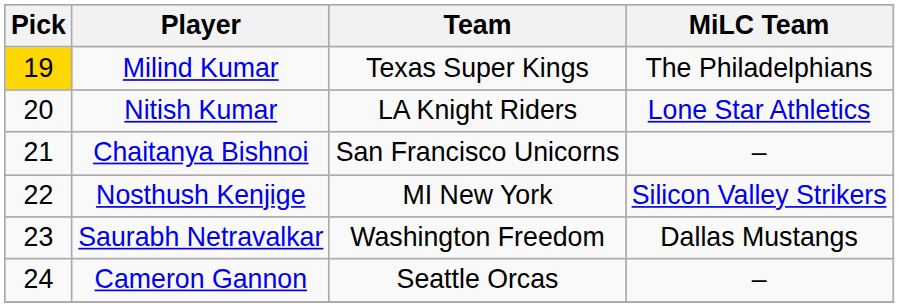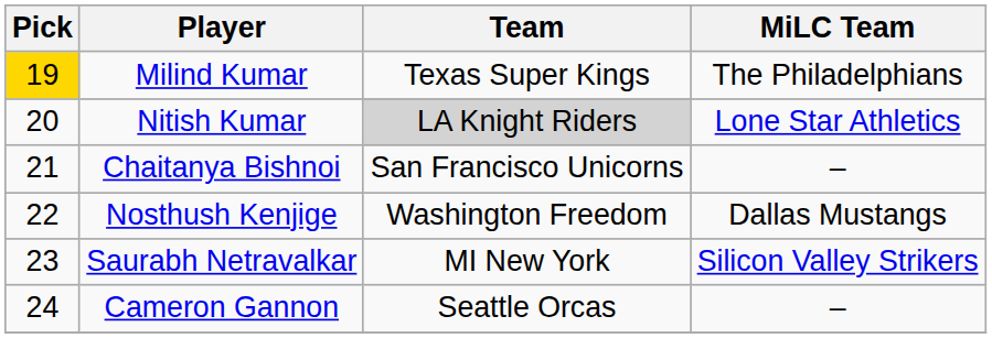 <table class="wikitable plainrowheaders" style="text-align:center;">
 <tr>
 <th scope="col">Pick</th>
 <th scope="col">Player</th>
 <th scope="col">Team</th>
 <th scope="col">MiLC Team</th>
 </tr>
 <tr>
 <td scope="row" style="background: gold;">19</td>
 <td><a href='#'>Milind Kumar</a></td>
 <td>Texas Super Kings</td>
 <td>The Philadelphians</td>
 </tr>
 <tr>
 <td scope="row">20</td>
 <td><a href='#'>Nitish Kumar</a></td>
-<td>LA Knight Riders</td>
+<td style="background: lightgrey;">LA Knight Riders</td>
 <td><a href='#'>Lone Star Athletics</a></td>
 </tr>
 <tr>
 <td scope="row">21</td>
 <td><a href='#'>Chaitanya Bishnoi</a></td>
 <td>San Francisco Unicorns</td>
 <td align=center>–</td>
 </tr>
 <tr>
 <td scope="row">22</td>
 <td><a href='#'>Nosthush Kenjige</a></td>
-<td>MI New York</td>
-<td><a href='#'>Silicon Valley Strikers</a></td>
+<td>Washington Freedom</td>
+<td>Dallas Mustangs</td>
 </tr>
 <tr>
 <td scope="row">23</td>
 <td><a href='#'>Saurabh Netravalkar</a></td>
-<td>Washington Freedom</td>
-<td>Dallas Mustangs</td>
+<td>MI New York</td>
+<td><a href='#'>Silicon Valley Strikers</a></td>
 </tr>
 <tr>
 <td scope="row">24</td>
 <td><a href='#'>Cameron Gannon</a></td>
 <td>Seattle Orcas</td>
 <td align=center>–</td>
 </tr>
 <tr>
 </tr>
 </table>
